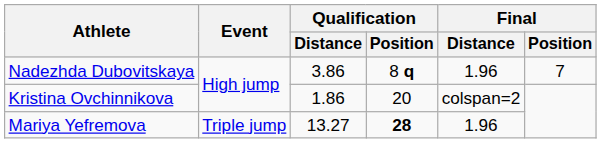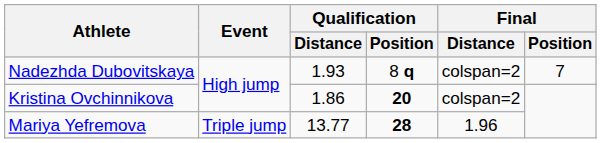 <table class=wikitable style="font-size:90%">
 <tr>
 <th rowspan="2">Athlete</th>
 <th rowspan="2">Event</th>
 <th colspan="2">Qualification</th>
 <th colspan="2">Final</th>
 </tr>
 <tr style="font-size:95%">
 <th>Distance</th>
 <th>Position</th>
 <th>Distance</th>
 <th>Position</th>
 </tr>
 <tr style=text-align:center>
 <td style=text-align:left><a href='#'>Nadezhda Dubovitskaya</a></td>
 <td style=text-align:left rowspan=2><a href='#'>High jump</a></td>
-<td>3.86</td>
+<td>1.93</td>
 <td>8 <strong>q</strong></td>
-<td>1.96</td>
+<td>colspan=2</td>
 <td>7</td>
 </tr>
 <tr style=text-align:center>
 <td style=text-align:left><a href='#'>Kristina Ovchinnikova</a></td>
 <td>1.86</td>
-<td>20</td>
+<td><strong>20</strong></td>
 <td>colspan=2</td>
 </tr>
 <tr style=text-align:center>
 <td style=text-align:left><a href='#'>Mariya Yefremova</a></td>
 <td style=text-align:left><a href='#'>Triple jump</a></td>
-<td>13.27</td>
+<td>13.77</td>
 <td><strong>28</strong></td>
 <td>1.96</td>
 </tr>
 </table>
